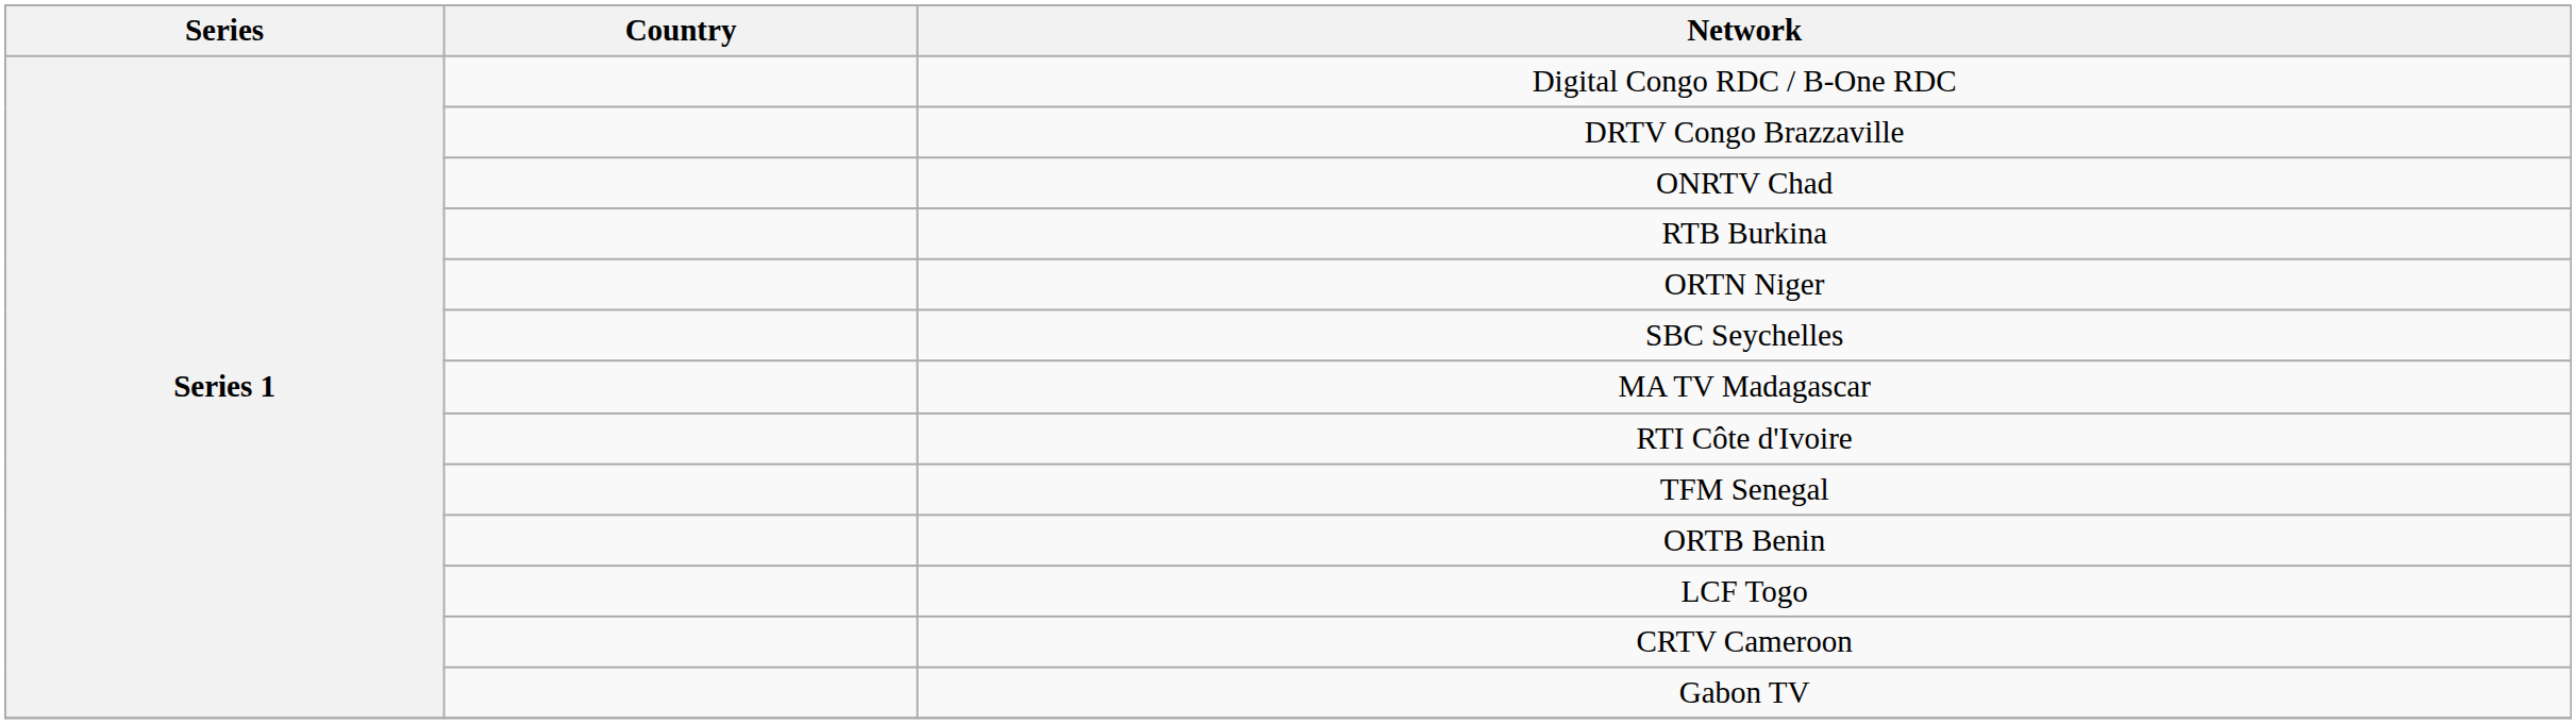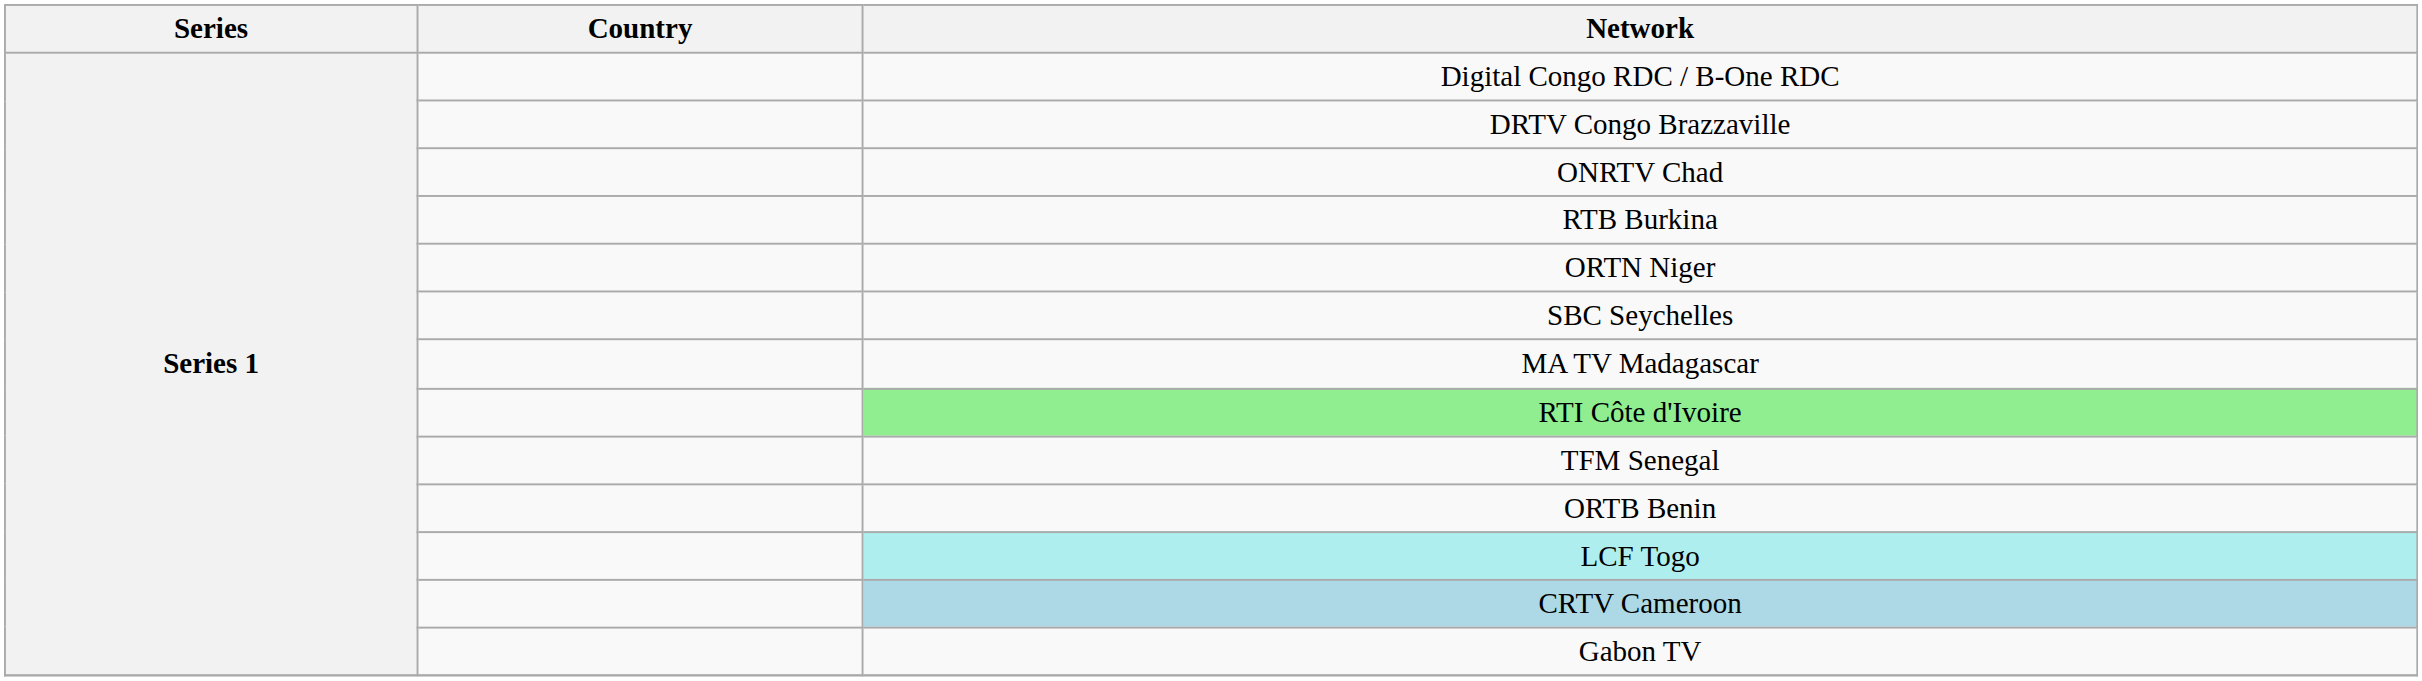 <table class="wikitable" style="text-align:center; font-size:95%; line-height:18px; width:100%;">
 <tr>
 <th scope="col"><strong>Series</strong></th>
 <th scope="col"><strong>Country</strong></th>
 <th scope="col"><strong>Network</strong></th>
 </tr>
 <tr>
 <th rowspan="13">Series 1</th>
 <td></td>
 <td>Digital Congo RDC / B-One RDC</td>
 </tr>
 <tr>
 <td></td>
 <td>DRTV Congo Brazzaville</td>
 </tr>
 <tr>
 <td></td>
 <td>ONRTV Chad</td>
 </tr>
 <tr>
 <td></td>
 <td>RTB Burkina</td>
 </tr>
 <tr>
 <td></td>
 <td>ORTN Niger</td>
 </tr>
 <tr>
 <td></td>
 <td>SBC Seychelles</td>
 </tr>
 <tr>
 <td></td>
 <td>MA TV Madagascar</td>
 </tr>
 <tr>
 <td></td>
-<td>RTI Côte d'Ivoire</td>
+<td style="background: lightgreen;">RTI Côte d'Ivoire</td>
 </tr>
 <tr>
 <td></td>
 <td>TFM Senegal</td>
 </tr>
 <tr>
 <td></td>
 <td>ORTB Benin</td>
 </tr>
 <tr>
 <td></td>
-<td>LCF Togo</td>
+<td style="background: paleturquoise;">LCF Togo</td>
 </tr>
 <tr>
 <td></td>
-<td>CRTV Cameroon</td>
+<td style="background: lightblue;">CRTV Cameroon</td>
 </tr>
 <tr>
 <td></td>
 <td>Gabon TV</td>
 </tr>
 <tr>
 </tr>
 </table>
